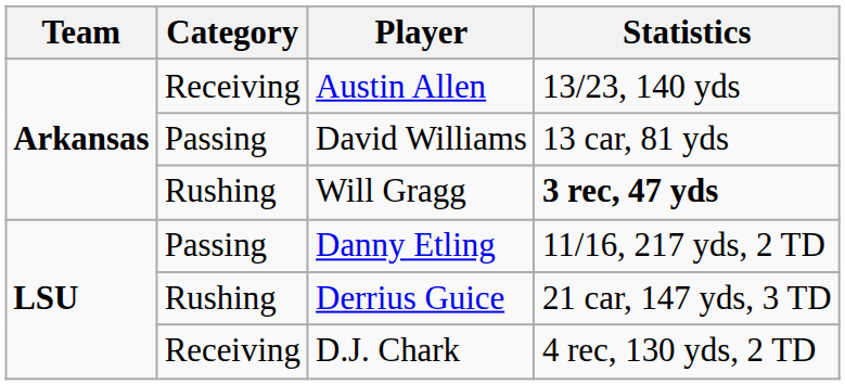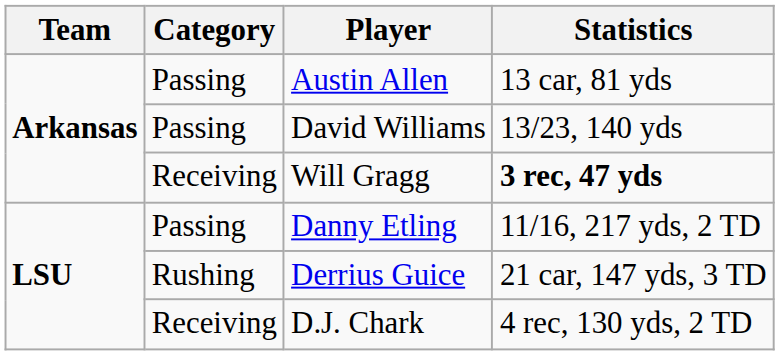 <table class="wikitable" style="float: right;">
 <tr>
 <th>Team</th>
 <th>Category</th>
 <th>Player</th>
 <th>Statistics</th>
 </tr>
 <tr>
 <td rowspan=3><strong>Arkansas</strong></td>
-<td>Receiving</td>
+<td>Passing</td>
 <td><a href='#'>Austin Allen</a></td>
-<td>13/23, 140 yds</td>
+<td>13 car, 81 yds</td>
 </tr>
 <tr>
 <td>Passing</td>
 <td>David Williams</td>
-<td>13 car, 81 yds</td>
+<td>13/23, 140 yds</td>
 </tr>
 <tr>
-<td>Rushing</td>
+<td>Receiving</td>
 <td>Will Gragg</td>
 <td><strong>3 rec, 47 yds</strong></td>
 </tr>
 <tr>
 <td rowspan=3><strong>LSU</strong></td>
 <td>Passing</td>
 <td><a href='#'>Danny Etling</a></td>
 <td>11/16, 217 yds, 2 TD</td>
 </tr>
 <tr>
 <td>Rushing</td>
 <td><a href='#'>Derrius Guice</a></td>
 <td>21 car, 147 yds, 3 TD</td>
 </tr>
 <tr>
 <td>Receiving</td>
 <td>D.J. Chark</td>
 <td>4 rec, 130 yds, 2 TD</td>
 </tr>
 </table>
